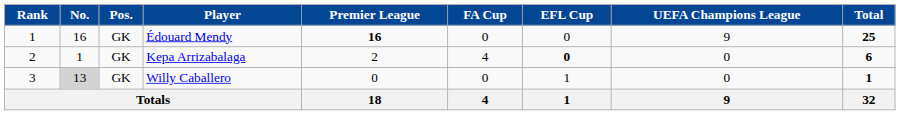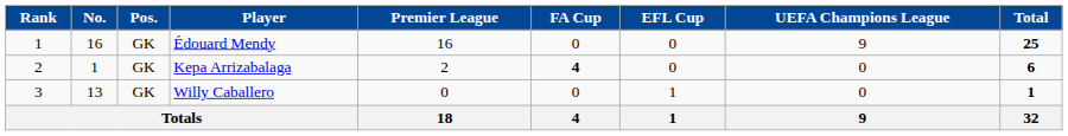 <table class="wikitable sortable" style="text-align:center;width:85%;">
 <tr>
 <th style=background-color:#034694;color:#FFFFFF>Rank</th>
 <th style=background-color:#034694;color:#FFFFFF>No.</th>
 <th style=background-color:#034694;color:#FFFFFF>Pos.</th>
 <th style=background-color:#034694;color:#FFFFFF>Player</th>
 <th style=background-color:#034694;color:#FFFFFF>Premier League</th>
 <th style=background-color:#034694;color:#FFFFFF>FA Cup</th>
 <th style=background-color:#034694;color:#FFFFFF>EFL Cup</th>
 <th style=background-color:#034694;color:#FFFFFF>UEFA Champions League</th>
 <th style=background-color:#034694;color:#FFFFFF>Total</th>
 </tr>
 <tr>
 <td>1</td>
 <td>16</td>
 <td>GK</td>
 <td align=left> <a href='#'>Édouard Mendy</a></td>
-<td><strong>16</strong></td>
+<td>16</td>
 <td>0</td>
 <td>0</td>
 <td>9</td>
 <td><strong>25</strong></td>
 </tr>
 <tr>
 <td>2</td>
 <td>1</td>
 <td>GK</td>
 <td align=left> <a href='#'>Kepa Arrizabalaga</a></td>
 <td>2</td>
-<td>4</td>
-<td><strong>0</strong></td>
+<td><strong>4</strong></td>
+<td>0</td>
 <td>0</td>
 <td><strong>6</strong></td>
 </tr>
 <tr>
 <td>3</td>
-<td style="background: lightgrey;">13</td>
+<td>13</td>
 <td>GK</td>
 <td align=left> <a href='#'>Willy Caballero</a></td>
 <td>0</td>
 <td>0</td>
 <td>1</td>
 <td>0</td>
 <td><strong>1</strong></td>
 </tr>
 <tr>
 <th colspan=4>Totals</th>
 <th>18</th>
 <th>4</th>
 <th>1</th>
 <th>9</th>
 <th>32</th>
 </tr>
 </table>
